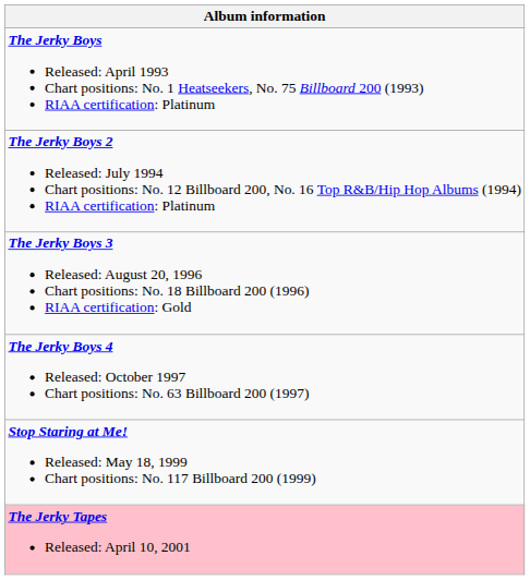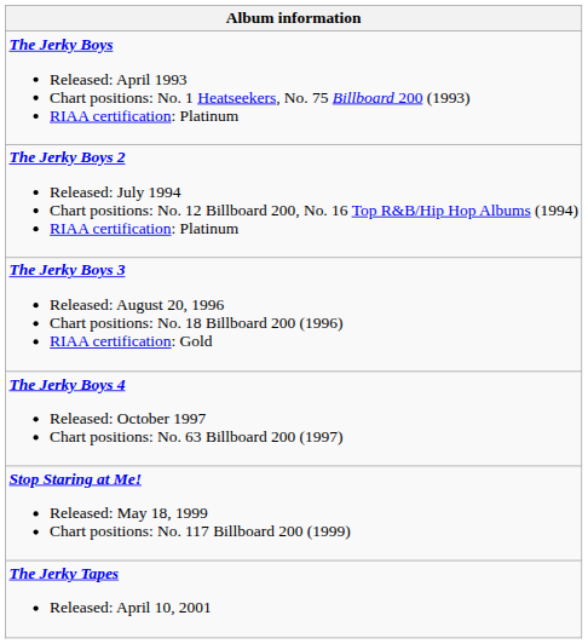 <table class="wikitable">
 <tr>
 <th align="left">Album information</th>
 </tr>
 <tr>
 <td align="left"><strong><em><a href='#'>The Jerky Boys</a></em></strong><br><ul><li>Released: April 1993</li><li>Chart positions: No. 1 <a href='#'>Heatseekers</a>, No. 75 <a href='#'><em>Billboard</em> 200</a> (1993)</li><li><a href='#'>RIAA certification</a>: Platinum</li></ul></td>
 </tr>
 <tr>
 <td align="left"><strong><em><a href='#'>The Jerky Boys 2</a></em></strong><br><ul><li>Released: July 1994</li><li>Chart positions: No. 12 Billboard 200, No. 16 <a href='#'>Top R&B/Hip Hop Albums</a> (1994)</li><li><a href='#'>RIAA certification</a>: Platinum</li></ul></td>
 </tr>
 <tr>
 <td align="left"><strong><em><a href='#'>The Jerky Boys 3</a></em></strong><br><ul><li>Released: August 20, 1996</li><li>Chart positions: No. 18 Billboard 200 (1996)</li><li><a href='#'>RIAA certification</a>: Gold</li></ul></td>
 </tr>
 <tr>
 <td align="left"><strong><em><a href='#'>The Jerky Boys 4</a></em></strong><br><ul><li>Released: October 1997</li><li>Chart positions: No. 63 Billboard 200 (1997)</li></ul></td>
 </tr>
 <tr>
 <td align="left"><strong><em><a href='#'>Stop Staring at Me!</a></em></strong><br><ul><li>Released: May 18, 1999</li><li>Chart positions: No. 117 Billboard 200 (1999)</li></ul></td>
 </tr>
 <tr>
-<td align="left" style="background: pink;"><strong><em><a href='#'>The Jerky Tapes</a></em></strong><br><ul><li>Released: April 10, 2001</li></ul></td>
+<td align="left"><strong><em><a href='#'>The Jerky Tapes</a></em></strong><br><ul><li>Released: April 10, 2001</li></ul></td>
 </tr>
 </table>
